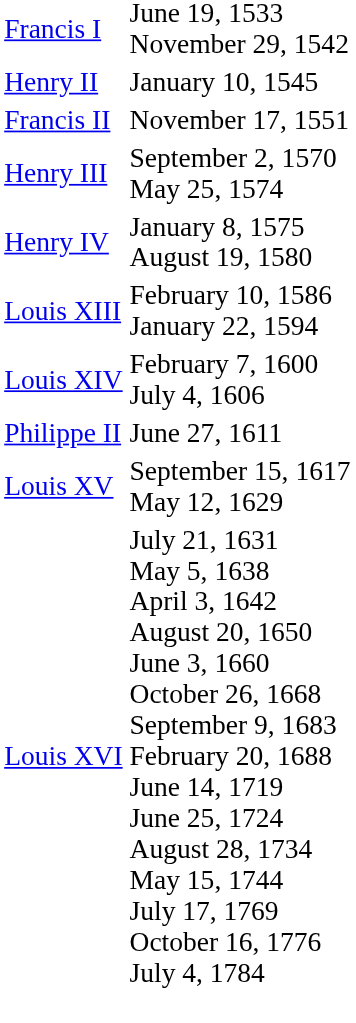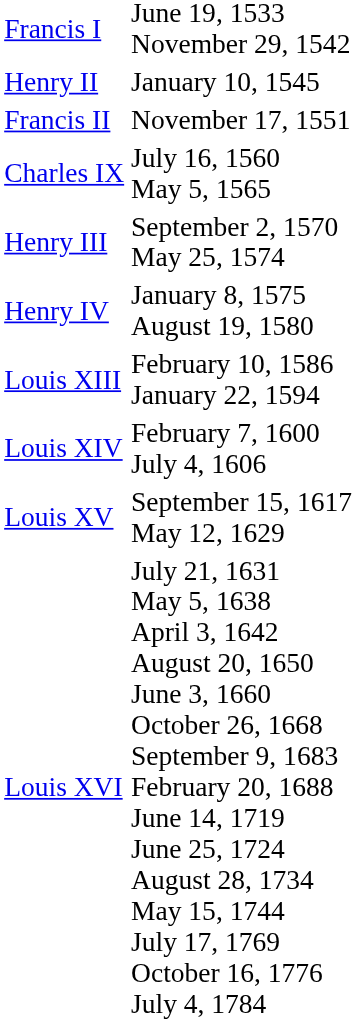 <table>
 <tr>
 <td><a href='#'>Francis I</a></td>
 <td>June 19, 1533<br>November 29, 1542</td>
 </tr>
 <tr>
 <td><a href='#'>Henry II</a></td>
 <td>January 10, 1545</td>
 </tr>
 <tr>
 <td><a href='#'>Francis II</a></td>
 <td>November 17, 1551</td>
+</tr>
+<tr>
+<td><a href='#'>Charles IX</a></td>
+<td>July 16, 1560<br>May 5, 1565</td>
 </tr>
 <tr>
 <td><a href='#'>Henry III</a></td>
 <td>September 2, 1570<br>May 25, 1574</td>
 </tr>
 <tr>
 <td><a href='#'>Henry IV</a></td>
 <td>January 8, 1575<br>August 19, 1580</td>
 </tr>
 <tr>
 <td><a href='#'>Louis XIII</a></td>
 <td>February 10, 1586<br>January 22, 1594</td>
 </tr>
 <tr>
 <td><a href='#'>Louis XIV</a></td>
 <td>February 7, 1600<br>July 4, 1606</td>
 </tr>
 <tr>
-<td><a href='#'>Philippe II</a></td>
-<td>June 27, 1611</td>
-</tr>
-<tr>
 <td><a href='#'>Louis XV</a></td>
 <td>September 15, 1617<br>May 12, 1629</td>
 </tr>
 <tr>
 <td><a href='#'>Louis XVI</a></td>
 <td>July 21, 1631<br>May 5, 1638<br> April 3, 1642<br> August 20, 1650<br> June 3, 1660<br> October 26, 1668<br> September 9, 1683<br> February 20, 1688<br> June 14, 1719<br> June 25, 1724<br> August 28, 1734<br> May 15, 1744<br> July 17, 1769<br> October 16, 1776<br> July 4, 1784</td>
 </tr>
 </table>
